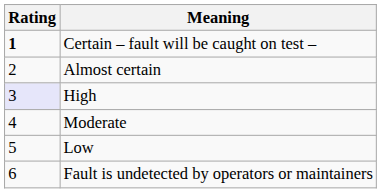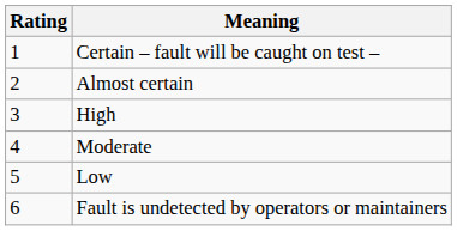 <table class="wikitable">
 <tr>
 <th>Rating</th>
 <th>Meaning</th>
 </tr>
 <tr>
-<td><strong>1</strong></td>
+<td>1</td>
 <td>Certain – fault will be caught on test –</td>
 </tr>
 <tr>
 <td>2</td>
 <td>Almost certain</td>
 </tr>
 <tr>
-<td style="background: lavender;">3</td>
+<td>3</td>
 <td>High</td>
 </tr>
 <tr>
 <td>4</td>
 <td>Moderate</td>
 </tr>
 <tr>
 <td>5</td>
 <td>Low</td>
 </tr>
 <tr>
 <td>6</td>
 <td>Fault is undetected by operators or maintainers</td>
 </tr>
 </table>
